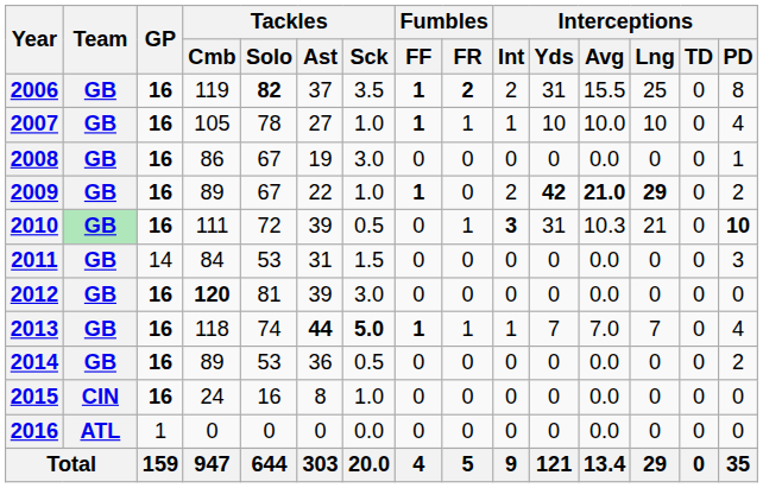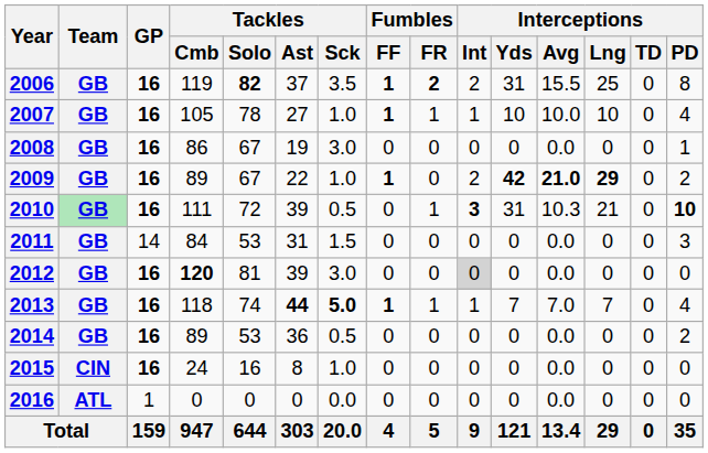 <table class="wikitable" style="text-align:center">
 <tr>
 <th rowspan="2">Year</th>
 <th rowspan="2">Team</th>
 <th rowspan="2">GP</th>
 <th colspan="4">Tackles</th>
 <th colspan="2">Fumbles</th>
 <th colspan="6">Interceptions</th>
 </tr>
 <tr>
 <th>Cmb</th>
 <th>Solo</th>
 <th>Ast</th>
 <th>Sck</th>
 <th>FF</th>
 <th>FR</th>
 <th>Int</th>
 <th>Yds</th>
 <th>Avg</th>
 <th>Lng</th>
 <th>TD</th>
 <th>PD</th>
 </tr>
 <tr>
 <th><a href='#'>2006</a></th>
 <th><a href='#'>GB</a></th>
 <td><strong>16</strong></td>
 <td>119</td>
 <td><strong>82</strong></td>
 <td>37</td>
 <td>3.5</td>
 <td><strong>1</strong></td>
 <td><strong>2</strong></td>
 <td>2</td>
 <td>31</td>
 <td>15.5</td>
 <td>25</td>
 <td>0</td>
 <td>8</td>
 </tr>
 <tr>
 <th><a href='#'>2007</a></th>
 <th><a href='#'>GB</a></th>
 <td><strong>16</strong></td>
 <td>105</td>
 <td>78</td>
 <td>27</td>
 <td>1.0</td>
 <td><strong>1</strong></td>
 <td>1</td>
 <td>1</td>
 <td>10</td>
 <td>10.0</td>
 <td>10</td>
 <td>0</td>
 <td>4</td>
 </tr>
 <tr>
 <th><a href='#'>2008</a></th>
 <th><a href='#'>GB</a></th>
 <td><strong>16</strong></td>
 <td>86</td>
 <td>67</td>
 <td>19</td>
 <td>3.0</td>
 <td>0</td>
 <td>0</td>
 <td>0</td>
 <td>0</td>
 <td>0.0</td>
 <td>0</td>
 <td>0</td>
 <td>1</td>
 </tr>
 <tr>
 <th><a href='#'>2009</a></th>
 <th><a href='#'>GB</a></th>
 <td><strong>16</strong></td>
 <td>89</td>
 <td>67</td>
 <td>22</td>
 <td>1.0</td>
 <td><strong>1</strong></td>
 <td>0</td>
 <td>2</td>
 <td><strong>42</strong></td>
 <td><strong>21.0</strong></td>
 <td><strong>29</strong></td>
 <td>0</td>
 <td>2</td>
 </tr>
 <tr>
 <th><a href='#'>2010</a></th>
 <th style="background:#afe6ba; width:3em;"><a href='#'>GB</a></th>
 <td><strong>16</strong></td>
 <td>111</td>
 <td>72</td>
 <td>39</td>
 <td>0.5</td>
 <td>0</td>
 <td>1</td>
 <td><strong>3</strong></td>
 <td>31</td>
 <td>10.3</td>
 <td>21</td>
 <td>0</td>
 <td><strong>10</strong></td>
 </tr>
 <tr>
 <th><a href='#'>2011</a></th>
 <th><a href='#'>GB</a></th>
 <td>14</td>
 <td>84</td>
 <td>53</td>
 <td>31</td>
 <td>1.5</td>
 <td>0</td>
 <td>0</td>
 <td>0</td>
 <td>0</td>
 <td>0.0</td>
 <td>0</td>
 <td>0</td>
 <td>3</td>
 </tr>
 <tr>
 <th><a href='#'>2012</a></th>
 <th><a href='#'>GB</a></th>
 <td><strong>16</strong></td>
 <td><strong>120</strong></td>
 <td>81</td>
 <td>39</td>
 <td>3.0</td>
 <td>0</td>
 <td>0</td>
-<td>0</td>
+<td style="background: lightgrey;">0</td>
 <td>0</td>
 <td>0.0</td>
 <td>0</td>
 <td>0</td>
 <td>0</td>
 </tr>
 <tr>
 <th><a href='#'>2013</a></th>
 <th><a href='#'>GB</a></th>
 <td><strong>16</strong></td>
 <td>118</td>
 <td>74</td>
 <td><strong>44</strong></td>
 <td><strong>5.0</strong></td>
 <td><strong>1</strong></td>
 <td>1</td>
 <td>1</td>
 <td>7</td>
 <td>7.0</td>
 <td>7</td>
 <td>0</td>
 <td>4</td>
 </tr>
 <tr>
 <th><a href='#'>2014</a></th>
 <th><a href='#'>GB</a></th>
 <td><strong>16</strong></td>
 <td>89</td>
 <td>53</td>
 <td>36</td>
 <td>0.5</td>
 <td>0</td>
 <td>0</td>
 <td>0</td>
 <td>0</td>
 <td>0.0</td>
 <td>0</td>
 <td>0</td>
 <td>2</td>
 </tr>
 <tr>
 <th><a href='#'>2015</a></th>
 <th><a href='#'>CIN</a></th>
 <td><strong>16</strong></td>
 <td>24</td>
 <td>16</td>
 <td>8</td>
 <td>1.0</td>
 <td>0</td>
 <td>0</td>
 <td>0</td>
 <td>0</td>
 <td>0.0</td>
 <td>0</td>
 <td>0</td>
 <td>0</td>
 </tr>
 <tr>
 <th><a href='#'>2016</a></th>
 <th><a href='#'>ATL</a></th>
 <td>1</td>
 <td>0</td>
 <td>0</td>
 <td>0</td>
 <td>0.0</td>
 <td>0</td>
 <td>0</td>
 <td>0</td>
 <td>0</td>
 <td>0.0</td>
 <td>0</td>
 <td>0</td>
 <td>0</td>
 </tr>
 <tr>
 <th colspan="2">Total</th>
 <th>159</th>
 <th>947</th>
 <th>644</th>
 <th>303</th>
 <th>20.0</th>
 <th>4</th>
 <th>5</th>
 <th>9</th>
 <th>121</th>
 <th>13.4</th>
 <th>29</th>
 <th>0</th>
 <th>35</th>
 </tr>
 </table>
